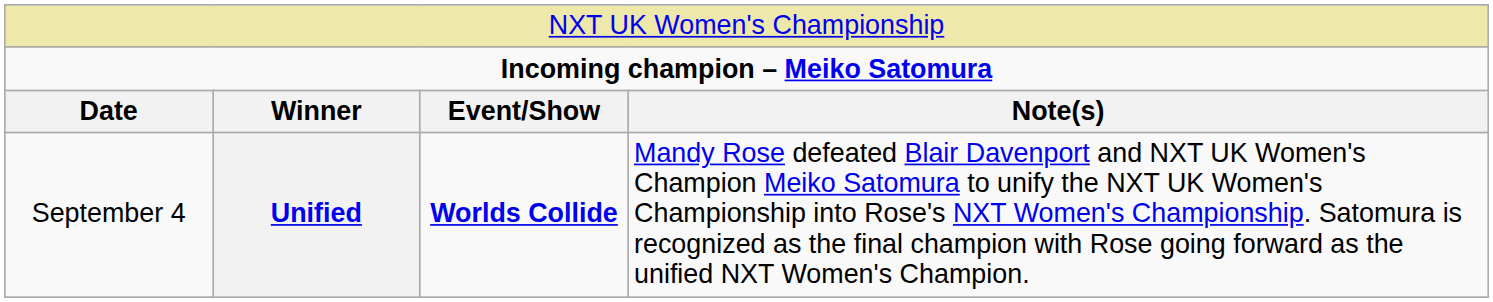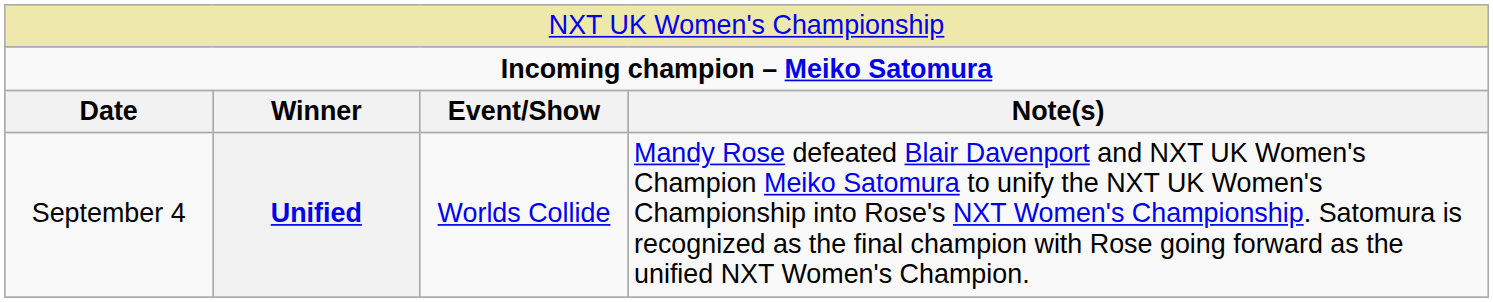 <table class="wikitable" style="text-align:center; width:100%;">
 <tr style="background:#EEE8AA;">
 <td colspan="4" style="text-align: center;"><a href='#'>NXT UK Women's Championship</a></td>
 </tr>
 <tr>
 <td colspan="4" style="text-align: center;"><strong>Incoming champion – <a href='#'>Meiko Satomura</a></strong></td>
 </tr>
 <tr>
 <th width=14%>Date</th>
 <th width=14%>Winner</th>
 <th width=14%>Event/Show</th>
 <th width=58%>Note(s)</th>
 </tr>
 <tr>
 <td>September 4</td>
 <th><a href='#'>Unified</a></th>
-<td><strong><a href='#'>Worlds Collide</a></strong></td>
+<td><a href='#'>Worlds Collide</a></td>
 <td align=left><a href='#'>Mandy Rose</a> defeated <a href='#'>Blair Davenport</a> and NXT UK Women's Champion <a href='#'>Meiko Satomura</a> to unify the NXT UK Women's Championship into Rose's <a href='#'>NXT Women's Championship</a>. Satomura is recognized as the final champion with Rose going forward as the unified NXT Women's Champion.</td>
 </tr>
 </table>
